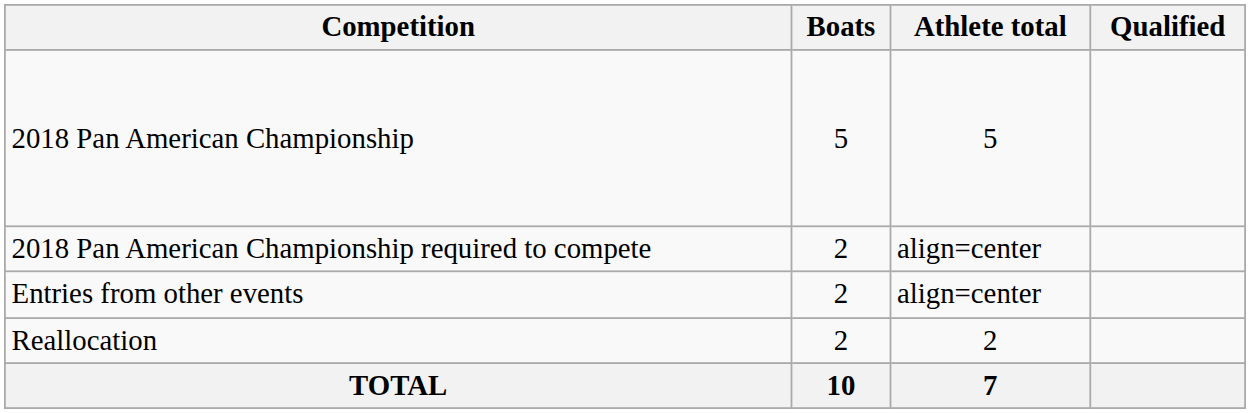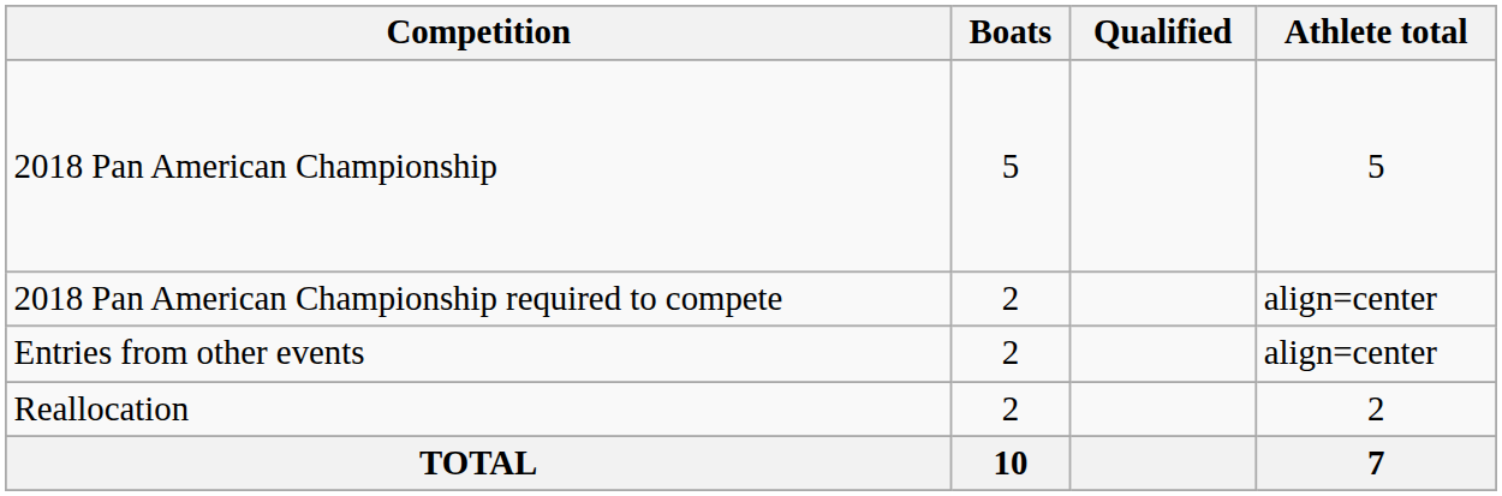 <table class="wikitable" width=690>
 <tr>
 <th>Competition</th>
 <th>Boats</th>
+<th>Qualified</th>
 <th>Athlete total</th>
-<th>Qualified</th>
 </tr>
 <tr>
 <td>2018 Pan American Championship</td>
 <td align=center>5</td>
+<td><br><br><br><s></s><br><br></td>
 <td align=center>5</td>
-<td><br><br><br><s></s><br><br></td>
 </tr>
 <tr>
 <td>2018 Pan American Championship required to compete</td>
 <td align=center>2</td>
+<td><br></td>
 <td>align=center </td>
-<td><br></td>
 </tr>
 <tr>
 <td>Entries from other events</td>
 <td align=center>2</td>
+<td><br></td>
 <td>align=center </td>
-<td><br></td>
 </tr>
 <tr>
 <td>Reallocation</td>
 <td align=center>2</td>
+<td><br></td>
 <td align=center>2</td>
-<td><br></td>
 </tr>
 <tr>
 <th>TOTAL</th>
 <th>10</th>
+<th></th>
 <th>7</th>
-<th></th>
 </tr>
 </table>
